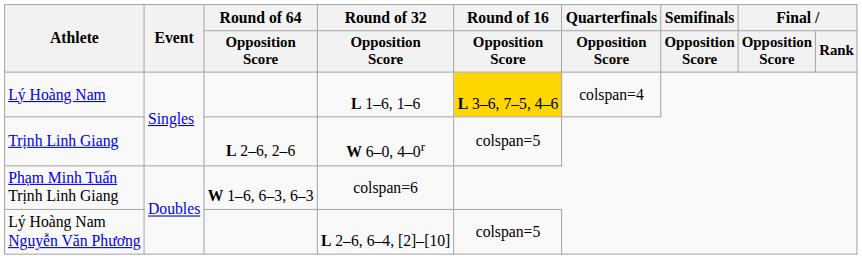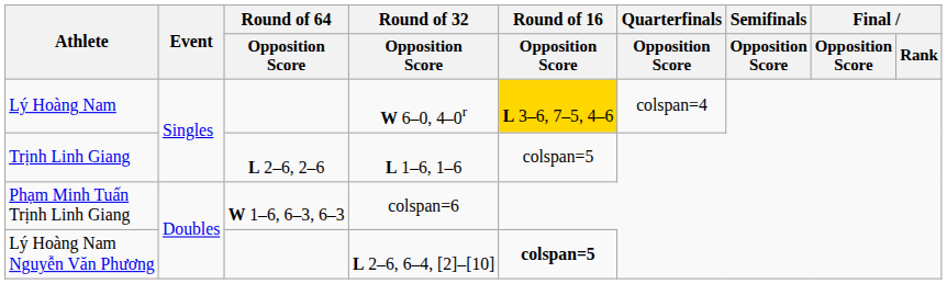 <table class=wikitable style="font-size:90%">
 <tr>
 <th rowspan="2">Athlete</th>
 <th rowspan="2">Event</th>
 <th>Round of 64</th>
 <th>Round of 32</th>
 <th>Round of 16</th>
 <th>Quarterfinals</th>
 <th>Semifinals</th>
 <th colspan=2>Final / </th>
 </tr>
 <tr style="font-size:95%">
 <th>Opposition<br>Score</th>
 <th>Opposition<br>Score</th>
 <th>Opposition<br>Score</th>
 <th>Opposition<br>Score</th>
 <th>Opposition<br>Score</th>
 <th>Opposition<br>Score</th>
 <th>Rank</th>
 </tr>
 <tr align=center>
 <td align=left><a href='#'>Lý Hoàng Nam</a></td>
 <td align=left rowspan=2><a href='#'>Singles</a></td>
 <td></td>
-<td> <br><strong>L</strong> 1–6, 1–6</td>
+<td>  <br><strong>W</strong> 6–0, 4–0<sup>r</sup></td>
 <td style="background: gold;"> <br><strong>L</strong> 3–6, 7–5, 4–6</td>
 <td>colspan=4 </td>
 </tr>
 <tr align=center>
 <td align=left><a href='#'>Trịnh Linh Giang</a></td>
 <td> <br><strong>L</strong> 2–6, 2–6</td>
-<td>  <br><strong>W</strong> 6–0, 4–0<sup>r</sup></td>
+<td> <br><strong>L</strong> 1–6, 1–6</td>
 <td>colspan=5 </td>
 </tr>
 <tr align=center>
 <td align=left><a href='#'>Phạm Minh Tuấn</a><br>Trịnh Linh Giang</td>
 <td align=left rowspan=2><a href='#'>Doubles</a></td>
 <td> <br><strong>W</strong> 1–6, 6–3, 6–3</td>
 <td>colspan=6 </td>
 </tr>
 <tr align=center>
 <td align=left>Lý Hoàng Nam<br><a href='#'>Nguyễn Văn Phương</a></td>
 <td></td>
 <td> <br><strong>L</strong> 2–6, 6–4, [2]–[10]</td>
-<td>colspan=5 </td>
+<td><strong>colspan=5 </strong></td>
 </tr>
 </table>
